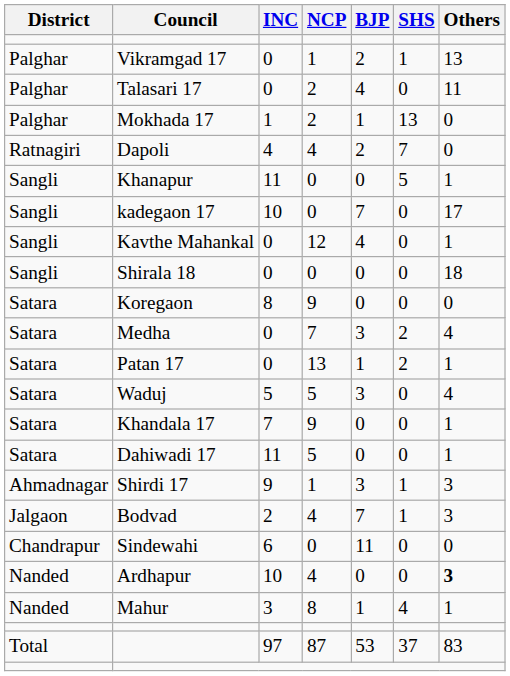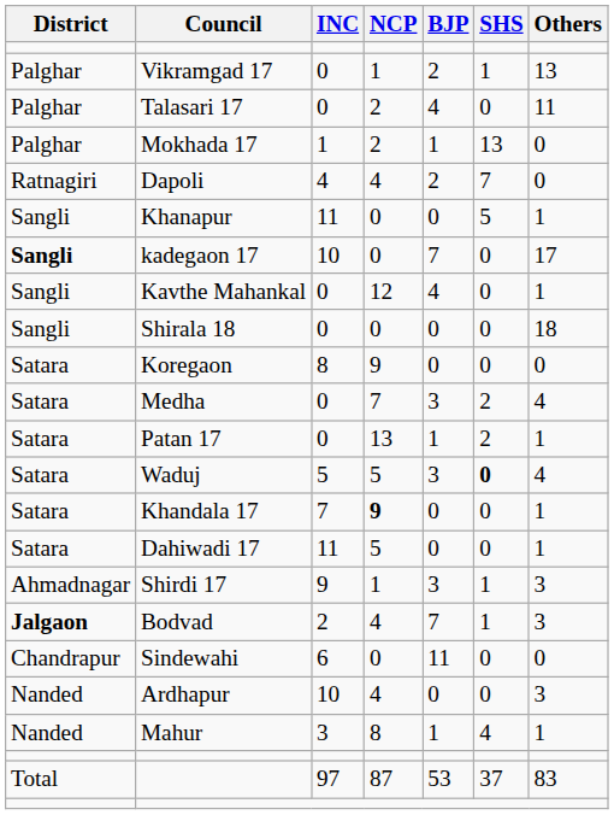 <table class="wikitable sortable">
 <tr>
 <th>District</th>
 <th>Council</th>
 <th><a href='#'>INC</a></th>
 <th><a href='#'>NCP</a></th>
 <th><a href='#'>BJP</a></th>
 <th><a href='#'>SHS</a></th>
 <th>Others</th>
 </tr>
 <tr>
 <td></td>
 <td></td>
 <td></td>
 <td></td>
 <td></td>
 <td></td>
 <td></td>
 </tr>
 <tr>
 <td>Palghar</td>
 <td>Vikramgad 17</td>
 <td>0</td>
 <td>1</td>
 <td>2</td>
 <td>1</td>
 <td>13</td>
 </tr>
 <tr>
 <td>Palghar</td>
 <td>Talasari 17</td>
 <td>0</td>
 <td>2</td>
 <td>4</td>
 <td>0</td>
 <td>11</td>
 </tr>
 <tr>
 <td>Palghar</td>
 <td>Mokhada 17</td>
 <td>1</td>
 <td>2</td>
 <td>1</td>
 <td>13</td>
 <td>0</td>
 </tr>
 <tr>
 <td>Ratnagiri</td>
 <td>Dapoli</td>
 <td>4</td>
 <td>4</td>
 <td>2</td>
 <td>7</td>
 <td>0</td>
 </tr>
 <tr>
 <td>Sangli</td>
 <td>Khanapur</td>
 <td>11</td>
 <td>0</td>
 <td>0</td>
 <td>5</td>
 <td>1</td>
 </tr>
 <tr>
-<td>Sangli</td>
+<td><strong>Sangli</strong></td>
 <td>kadegaon 17</td>
 <td>10</td>
 <td>0</td>
 <td>7</td>
 <td>0</td>
 <td>17</td>
 </tr>
 <tr>
 <td>Sangli</td>
 <td>Kavthe Mahankal</td>
 <td>0</td>
 <td>12</td>
 <td>4</td>
 <td>0</td>
 <td>1</td>
 </tr>
 <tr>
 <td>Sangli</td>
 <td>Shirala 18</td>
 <td>0</td>
 <td>0</td>
 <td>0</td>
 <td>0</td>
 <td>18</td>
 </tr>
 <tr>
 <td>Satara</td>
 <td>Koregaon</td>
 <td>8</td>
 <td>9</td>
 <td>0</td>
 <td>0</td>
 <td>0</td>
 </tr>
 <tr>
 <td>Satara</td>
 <td>Medha</td>
 <td>0</td>
 <td>7</td>
 <td>3</td>
 <td>2</td>
 <td>4</td>
 </tr>
 <tr>
 <td>Satara</td>
 <td>Patan 17</td>
 <td>0</td>
 <td>13</td>
 <td>1</td>
 <td>2</td>
 <td>1</td>
 </tr>
 <tr>
 <td>Satara</td>
 <td>Waduj</td>
 <td>5</td>
 <td>5</td>
 <td>3</td>
-<td>0</td>
+<td><strong>0</strong></td>
 <td>4</td>
 </tr>
 <tr>
 <td>Satara</td>
 <td>Khandala 17</td>
 <td>7</td>
-<td>9</td>
+<td><strong>9</strong></td>
 <td>0</td>
 <td>0</td>
 <td>1</td>
 </tr>
 <tr>
 <td>Satara</td>
 <td>Dahiwadi 17</td>
 <td>11</td>
 <td>5</td>
 <td>0</td>
 <td>0</td>
 <td>1</td>
 </tr>
 <tr>
 <td>Ahmadnagar</td>
 <td>Shirdi 17</td>
 <td>9</td>
 <td>1</td>
 <td>3</td>
 <td>1</td>
 <td>3</td>
 </tr>
 <tr>
-<td>Jalgaon</td>
+<td><strong>Jalgaon</strong></td>
 <td>Bodvad</td>
 <td>2</td>
 <td>4</td>
 <td>7</td>
 <td>1</td>
 <td>3</td>
 </tr>
 <tr>
 <td>Chandrapur</td>
 <td>Sindewahi</td>
 <td>6</td>
 <td>0</td>
 <td>11</td>
 <td>0</td>
 <td>0</td>
 </tr>
 <tr>
 <td>Nanded</td>
 <td>Ardhapur</td>
 <td>10</td>
 <td>4</td>
 <td>0</td>
 <td>0</td>
-<td><strong>3</strong></td>
+<td>3</td>
 </tr>
 <tr>
 <td>Nanded</td>
 <td>Mahur</td>
 <td>3</td>
 <td>8</td>
 <td>1</td>
 <td>4</td>
 <td>1</td>
 </tr>
 <tr>
 <td></td>
 <td></td>
 <td></td>
 <td></td>
 <td></td>
 <td></td>
 <td></td>
 </tr>
 <tr>
 <td>Total</td>
 <td></td>
 <td>97</td>
 <td>87</td>
 <td>53</td>
 <td>37</td>
 <td>83</td>
 </tr>
 <tr>
 <td></td>
 </tr>
 </table>
